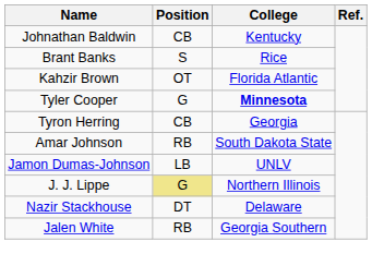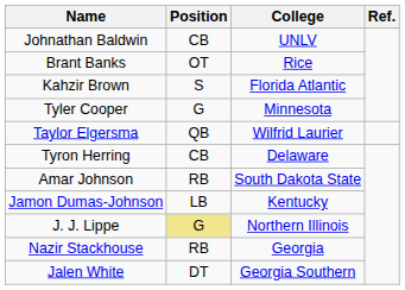 <table class="wikitable" style="text-align:center">
 <tr>
 <th>Name</th>
 <th>Position</th>
 <th>College</th>
 <th>Ref.</th>
 </tr>
 <tr>
 <td>Johnathan Baldwin</td>
 <td>CB</td>
-<td><a href='#'>Kentucky</a></td>
+<td><a href='#'>UNLV</a></td>
 <td rowspan="4"></td>
 </tr>
 <tr>
 <td>Brant Banks</td>
-<td>S</td>
+<td>OT</td>
 <td><a href='#'>Rice</a></td>
 </tr>
 <tr>
 <td>Kahzir Brown</td>
-<td>OT</td>
+<td>S</td>
 <td><a href='#'>Florida Atlantic</a></td>
 </tr>
 <tr>
 <td>Tyler Cooper</td>
 <td>G</td>
-<td><strong><a href='#'>Minnesota</a></strong></td>
+<td><a href='#'>Minnesota</a></td>
+</tr>
+<tr>
+<td><a href='#'>Taylor Elgersma</a></td>
+<td>QB</td>
+<td><a href='#'>Wilfrid Laurier</a></td>
+<td></td>
 </tr>
 <tr>
 <td>Tyron Herring</td>
 <td>CB</td>
-<td><a href='#'>Georgia</a></td>
+<td><a href='#'>Delaware</a></td>
 <td rowspan="6"></td>
 </tr>
 <tr>
 <td>Amar Johnson</td>
 <td>RB</td>
 <td><a href='#'>South Dakota State</a></td>
 </tr>
 <tr>
 <td><a href='#'>Jamon Dumas-Johnson</a></td>
 <td>LB</td>
-<td><a href='#'>UNLV</a></td>
+<td><a href='#'>Kentucky</a></td>
 </tr>
 <tr>
 <td>J. J. Lippe</td>
 <td style="background: khaki;">G</td>
 <td><a href='#'>Northern Illinois</a></td>
 </tr>
 <tr>
 <td><a href='#'>Nazir Stackhouse</a></td>
-<td>DT</td>
-<td><a href='#'>Delaware</a></td>
+<td>RB</td>
+<td><a href='#'>Georgia</a></td>
 </tr>
 <tr>
 <td><a href='#'>Jalen White</a></td>
-<td>RB</td>
+<td>DT</td>
 <td><a href='#'>Georgia Southern</a></td>
 </tr>
 </table>
